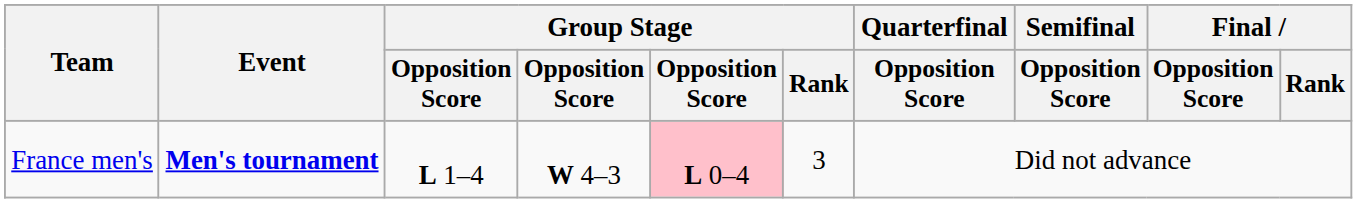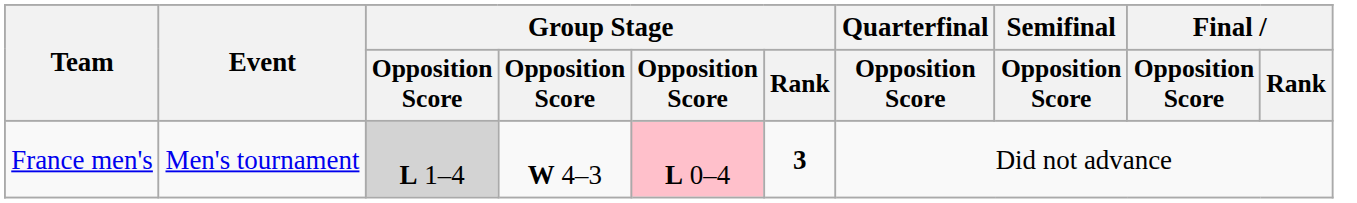 <table class="wikitable" style="font-size:90%">
 <tr>
 <th rowspan=2>Team</th>
 <th rowspan=2>Event</th>
 <th colspan=4>Group Stage</th>
 <th>Quarterfinal</th>
 <th>Semifinal</th>
 <th colspan=2>Final / </th>
 </tr>
 <tr style="font-size:95%">
 <th>Opposition<br>Score</th>
 <th>Opposition<br>Score</th>
 <th>Opposition<br>Score</th>
 <th>Rank</th>
 <th>Opposition<br>Score</th>
 <th>Opposition<br>Score</th>
 <th>Opposition<br>Score</th>
 <th>Rank</th>
 </tr>
 <tr align=center>
 <td align=left><a href='#'>France men's</a></td>
-<td align=left><strong><a href='#'>Men's tournament</a></strong></td>
-<td><br><strong>L</strong> 1–4</td>
+<td align=left><a href='#'>Men's tournament</a></td>
+<td style="background: lightgrey;"><br><strong>L</strong> 1–4</td>
 <td><br><strong>W</strong> 4–3</td>
 <td style="background: pink;"><br><strong>L</strong> 0–4</td>
-<td>3</td>
+<td><strong>3</strong></td>
 <td colspan=5>Did not advance</td>
 </tr>
 </table>
